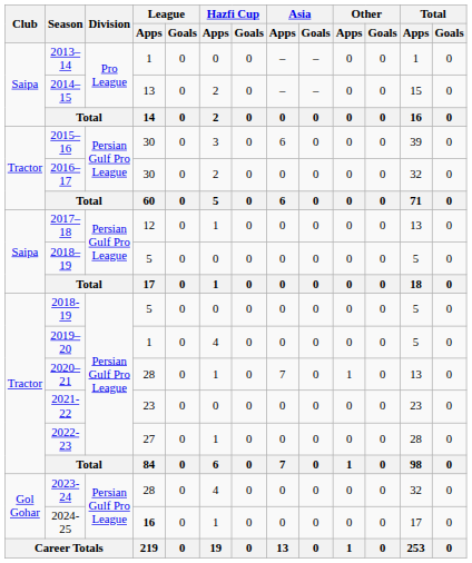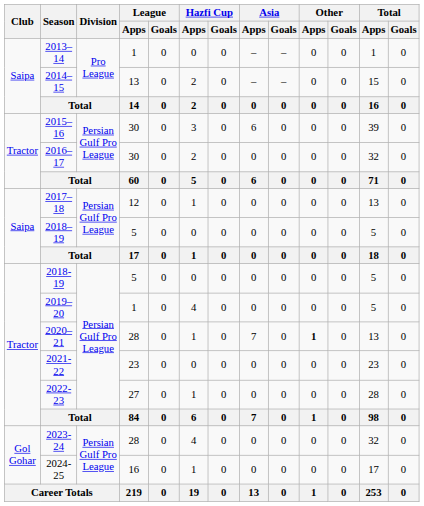 <table class="wikitable" style="text-align: center;">
 <tr>
 <th rowspan="2">Club</th>
 <th rowspan="2">Season</th>
 <th rowspan="2">Division</th>
 <th colspan="2">League</th>
 <th colspan="2"><a href='#'>Hazfi Cup</a></th>
 <th colspan="2"><a href='#'>Asia</a></th>
 <th colspan=2>Other</th>
 <th colspan="2">Total</th>
 </tr>
 <tr>
 <th>Apps</th>
 <th>Goals</th>
 <th>Apps</th>
 <th>Goals</th>
 <th>Apps</th>
 <th>Goals</th>
 <th>Apps</th>
 <th>Goals</th>
 <th>Apps</th>
 <th>Goals</th>
 </tr>
 <tr>
 <td rowspan="3"><a href='#'>Saipa</a></td>
 <td><a href='#'>2013–14</a></td>
 <td rowspan="2"><a href='#'>Pro League</a></td>
 <td>1</td>
 <td>0</td>
 <td>0</td>
 <td>0</td>
 <td>–</td>
 <td>–</td>
 <td>0</td>
 <td>0</td>
 <td>1</td>
 <td>0</td>
 </tr>
 <tr>
 <td><a href='#'>2014–15</a></td>
 <td>13</td>
 <td>0</td>
 <td>2</td>
 <td>0</td>
 <td>–</td>
 <td>–</td>
 <td>0</td>
 <td>0</td>
 <td>15</td>
 <td>0</td>
 </tr>
 <tr>
 <th colspan=2>Total</th>
 <th>14</th>
 <th>0</th>
 <th>2</th>
 <th>0</th>
 <th>0</th>
 <th>0</th>
 <th>0</th>
 <th>0</th>
 <th>16</th>
 <th>0</th>
 </tr>
 <tr>
 <td rowspan="3"><a href='#'>Tractor</a></td>
 <td><a href='#'>2015–16</a></td>
 <td rowspan="2"><a href='#'>Persian Gulf Pro League</a></td>
 <td>30</td>
 <td>0</td>
 <td>3</td>
 <td>0</td>
 <td>6</td>
 <td>0</td>
 <td>0</td>
 <td>0</td>
 <td>39</td>
 <td>0</td>
 </tr>
 <tr>
 <td><a href='#'>2016–17</a></td>
 <td>30</td>
 <td>0</td>
 <td>2</td>
 <td>0</td>
 <td>0</td>
 <td>0</td>
 <td>0</td>
 <td>0</td>
 <td>32</td>
 <td>0</td>
 </tr>
 <tr>
 <th colspan=2>Total</th>
 <th>60</th>
 <th>0</th>
 <th>5</th>
 <th>0</th>
 <th>6</th>
 <th>0</th>
 <th>0</th>
 <th>0</th>
 <th>71</th>
 <th>0</th>
 </tr>
 <tr>
 <td rowspan="3"><a href='#'>Saipa</a></td>
 <td><a href='#'>2017–18</a></td>
 <td rowspan="2"><a href='#'>Persian Gulf Pro League</a></td>
 <td>12</td>
 <td>0</td>
 <td>1</td>
 <td>0</td>
 <td>0</td>
 <td>0</td>
 <td>0</td>
 <td>0</td>
 <td>13</td>
 <td>0</td>
 </tr>
 <tr>
 <td rowspan="1"><a href='#'>2018–19</a></td>
 <td>5</td>
 <td>0</td>
 <td>0</td>
 <td>0</td>
 <td>0</td>
 <td>0</td>
 <td>0</td>
 <td>0</td>
 <td>5</td>
 <td>0</td>
 </tr>
 <tr>
 <th colspan=2>Total</th>
 <th>17</th>
 <th>0</th>
 <th>1</th>
 <th>0</th>
 <th>0</th>
 <th>0</th>
 <th>0</th>
 <th>0</th>
 <th>18</th>
 <th>0</th>
 </tr>
 <tr>
 <td rowspan="6"><a href='#'>Tractor</a></td>
 <td><a href='#'>2018-19</a></td>
 <td rowspan="5"><a href='#'>Persian Gulf Pro League</a></td>
 <td>5</td>
 <td>0</td>
 <td>0</td>
 <td>0</td>
 <td>0</td>
 <td>0</td>
 <td>0</td>
 <td>0</td>
 <td>5</td>
 <td 0>0</td>
 </tr>
 <tr>
 <td><a href='#'>2019–20</a></td>
 <td>1</td>
 <td>0</td>
 <td>4</td>
 <td>0</td>
 <td>0</td>
 <td>0</td>
 <td>0</td>
 <td>0</td>
 <td>5</td>
 <td>0</td>
 </tr>
 <tr>
 <td><a href='#'>2020–21</a></td>
 <td>28</td>
 <td>0</td>
 <td>1</td>
 <td>0</td>
 <td>7</td>
 <td>0</td>
-<td>1</td>
+<td><strong>1</strong></td>
 <td>0</td>
 <td>13</td>
 <td>0</td>
 </tr>
 <tr>
 <td><a href='#'>2021-22</a></td>
 <td>23</td>
 <td>0</td>
 <td>0</td>
 <td>0</td>
 <td>0</td>
 <td>0</td>
 <td>0</td>
 <td>0</td>
 <td>23</td>
 <td>0</td>
 </tr>
 <tr>
 <td><a href='#'>2022-23</a></td>
 <td>27</td>
 <td>0</td>
 <td>1</td>
 <td>0</td>
 <td>0</td>
 <td>0</td>
 <td>0</td>
 <td>0</td>
 <td>28</td>
 <td>0</td>
 </tr>
 <tr>
 <th colspan=2>Total</th>
 <th>84</th>
 <th>0</th>
 <th>6</th>
 <th>0</th>
 <th>7</th>
 <th>0</th>
 <th>1</th>
 <th>0</th>
 <th>98</th>
 <th>0</th>
 </tr>
 <tr>
 <td rowspan="2"><a href='#'>Gol Gohar</a></td>
 <td><a href='#'>2023-24</a></td>
 <td rowspan="2"><a href='#'>Persian Gulf Pro League</a></td>
 <td>28</td>
 <td>0</td>
 <td>4</td>
 <td>0</td>
 <td>0</td>
 <td>0</td>
 <td>0</td>
 <td>0</td>
 <td>32</td>
 <td>0</td>
 </tr>
 <tr>
 <td>2024-25</td>
-<td><strong>16</strong></td>
+<td>16</td>
 <td>0</td>
 <td>1</td>
 <td>0</td>
 <td>0</td>
 <td>0</td>
 <td>0</td>
 <td>0</td>
 <td>17</td>
 <td>0</td>
 </tr>
 <tr>
 <th colspan="3">Career Totals</th>
 <th>219</th>
 <th>0</th>
 <th>19</th>
 <th>0</th>
 <th>13</th>
 <th>0</th>
 <th>1</th>
 <th>0</th>
 <th>253</th>
 <th>0</th>
 </tr>
 </table>
